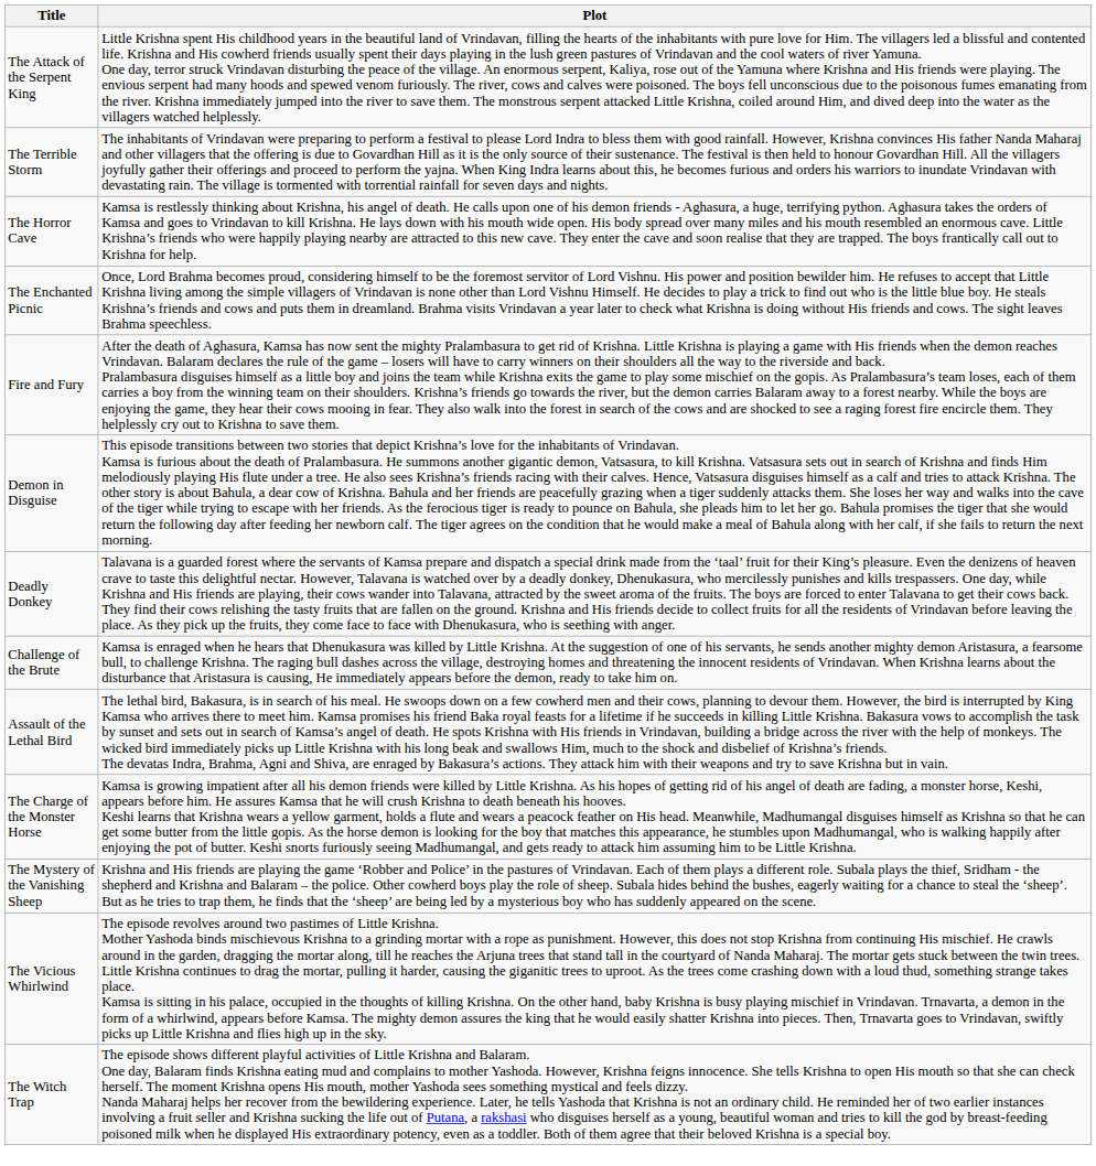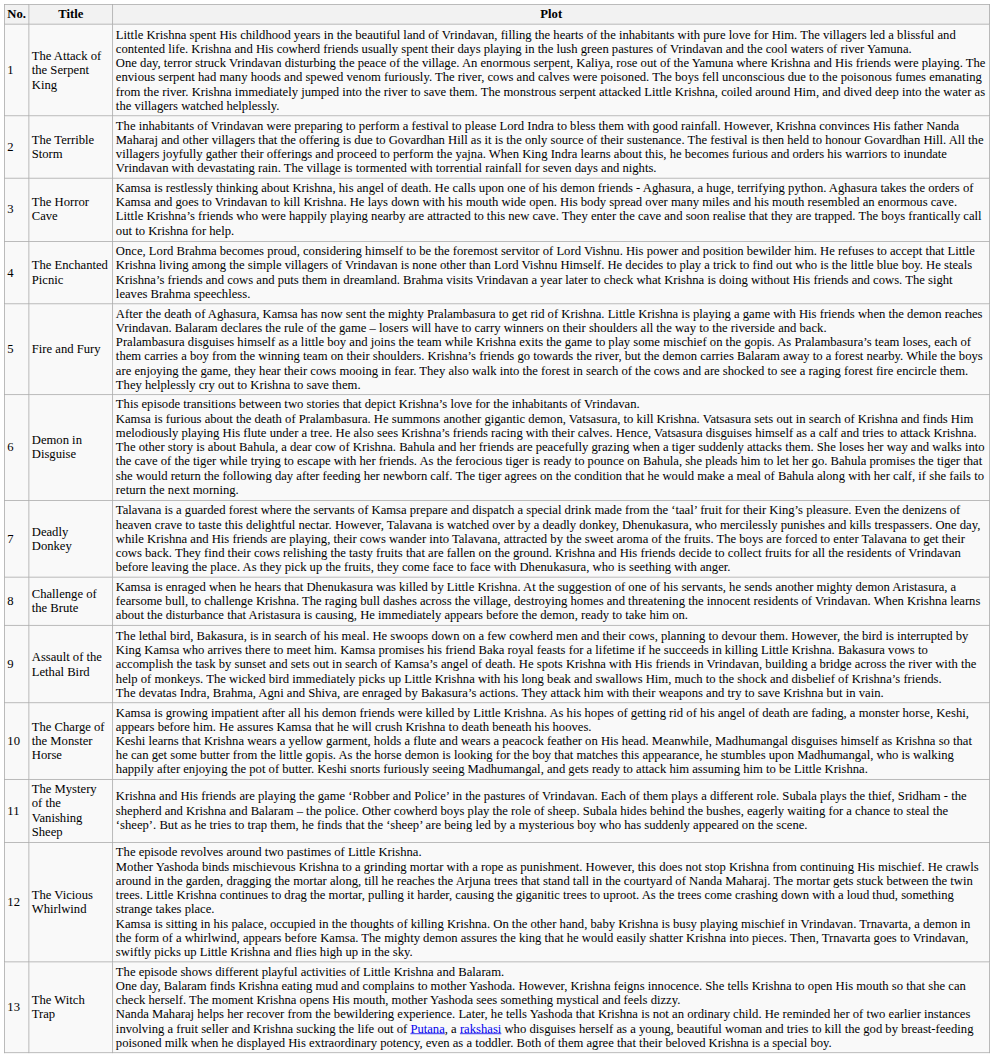 <table class="wikitable">
 <tr>
+<th>No.</th>
 <th>Title</th>
 <th>Plot</th>
 </tr>
 <tr>
+<td>1</td>
 <td>The  Attack  of  the  Serpent  King</td>
 <td>Little Krishna spent His childhood years in the beautiful land of Vrindavan, filling the hearts of the inhabitants with pure love for Him. The villagers led a blissful and contented life. Krishna and His cowherd friends usually spent their days playing in the lush green pastures of Vrindavan and the cool waters of river Yamuna.<br>One day, terror struck Vrindavan disturbing the peace of the village. An enormous serpent, Kaliya, rose out of the Yamuna where Krishna and His friends were playing. The envious serpent had many hoods and spewed venom furiously. The river, cows and calves were poisoned. The boys fell unconscious due to the poisonous fumes emanating from the river. Krishna immediately jumped into the river to save them. The monstrous serpent attacked Little Krishna, coiled around Him, and dived deep into the water as the villagers watched helplessly.</td>
 </tr>
 <tr>
+<td>2</td>
 <td>The  Terrible  Storm</td>
 <td>The inhabitants of Vrindavan were preparing to perform a festival to please Lord Indra to bless them with good rainfall. However, Krishna convinces His father Nanda Maharaj and other villagers that the offering is due to Govardhan Hill as it is the only source of their sustenance. The festival is then held to honour  Govardhan Hill. All the villagers joyfully gather their offerings and proceed to perform the yajna. When King Indra learns about this, he becomes furious and orders his warriors to inundate Vrindavan with devastating rain. The village is tormented with torrential rainfall for seven days and nights.</td>
 </tr>
 <tr>
+<td>3</td>
 <td>The  Horror  Cave</td>
 <td>Kamsa is restlessly thinking about Krishna, his angel of death. He calls upon one of his demon friends - Aghasura, a huge, terrifying python. Aghasura takes the orders of Kamsa and goes to Vrindavan to kill Krishna. He lays down with his mouth wide open. His body spread over many miles and his mouth resembled an enormous cave. Little Krishna’s friends who were happily playing nearby are attracted to this new cave. They enter the cave and soon realise that they are trapped. The boys frantically call out to Krishna for help.</td>
 </tr>
 <tr>
+<td>4</td>
 <td>The Enchanted  Picnic</td>
 <td>Once, Lord Brahma becomes proud, considering himself to be the foremost servitor of Lord Vishnu. His power and position bewilder him. He refuses to accept that Little Krishna living among the simple villagers of Vrindavan is none other than Lord Vishnu Himself. He decides to play a trick to find out who is the little blue boy. He steals Krishna’s friends and cows and puts them in dreamland. Brahma visits Vrindavan a year later to check what Krishna is doing without His friends and cows. The sight leaves Brahma speechless.</td>
 </tr>
 <tr>
+<td>5</td>
 <td>Fire  and  Fury</td>
 <td>After the death of Aghasura, Kamsa has now sent the mighty Pralambasura to get rid of Krishna. Little Krishna is playing a game with His friends when the demon reaches Vrindavan. Balaram declares the rule of the game – losers will have to carry winners on their shoulders all the way to the riverside and back.<br>Pralambasura disguises himself as a little boy and joins the team while Krishna exits the game to play some mischief on the gopis. As Pralambasura’s team loses, each of them carries a boy from the winning team on their shoulders. Krishna’s friends go towards the river, but the demon carries Balaram away to a forest nearby. While the boys are enjoying the game, they hear their cows mooing in fear. They also walk into the forest in search of the cows and are shocked to see a raging forest fire encircle them. They helplessly cry out to Krishna to save them.</td>
 </tr>
 <tr>
+<td>6</td>
 <td>Demon  in  Disguise</td>
 <td>This episode transitions between two stories that depict Krishna’s love for the inhabitants of Vrindavan.<br>Kamsa is furious about the death of Pralambasura. He summons another gigantic demon, Vatsasura, to kill Krishna. Vatsasura sets out in search of Krishna and finds Him melodiously playing His flute under a tree. He also sees Krishna’s friends racing with their calves. Hence, Vatsasura disguises himself as a calf and tries to attack Krishna. The other story is about Bahula, a dear cow of Krishna. Bahula and her friends are peacefully grazing when a tiger suddenly attacks them. She loses her way and walks into the cave of the tiger while trying to escape with her friends. As the ferocious tiger is ready to pounce on Bahula, she pleads him to let her go. Bahula promises the tiger that she would return the following day after feeding her newborn calf. The tiger agrees on the condition that he would make a meal of Bahula along with her calf, if she fails to return the next morning.</td>
 </tr>
 <tr>
+<td>7</td>
 <td>Deadly  Donkey</td>
 <td>Talavana is a guarded forest where the servants of Kamsa prepare and dispatch a special drink made from the ‘taal’ fruit for their King’s pleasure. Even the denizens of heaven crave to taste this delightful nectar. However, Talavana is watched over by a deadly donkey, Dhenukasura, who mercilessly punishes and kills trespassers. One day, while Krishna and His friends are playing, their cows wander into Talavana, attracted by the sweet aroma of the fruits. The boys are forced to enter Talavana to get their cows back. They find their cows relishing the tasty fruits that are fallen on the ground. Krishna and His friends decide to collect fruits for all the residents of Vrindavan before leaving the place. As they pick up the fruits, they come face to face with Dhenukasura, who is seething with anger.</td>
 </tr>
 <tr>
+<td>8</td>
 <td>Challenge  of  the  Brute</td>
 <td>Kamsa is enraged when he hears that Dhenukasura was killed by Little Krishna. At the suggestion of one of his servants, he sends another mighty demon  Aristasura, a fearsome bull, to challenge Krishna. The raging bull dashes across the village, destroying homes and threatening the innocent residents of Vrindavan. When Krishna learns about the disturbance that Aristasura is causing, He immediately appears before the demon, ready to take him on.</td>
 </tr>
 <tr>
+<td>9</td>
 <td>Assault  of  the  Lethal  Bird</td>
 <td>The lethal bird, Bakasura, is in search of his meal. He swoops down on a few cowherd men and their cows, planning to devour them. However, the bird is interrupted by King Kamsa who arrives there to meet him. Kamsa promises his friend Baka royal feasts for a lifetime if he succeeds in killing Little Krishna. Bakasura vows to accomplish the task by sunset and sets out in search of Kamsa’s angel of death. He spots Krishna with His friends in Vrindavan, building a bridge across the river with the help of monkeys. The wicked bird immediately picks up Little Krishna with his long beak and swallows Him, much to the shock and disbelief of Krishna’s friends.<br>The devatas Indra, Brahma, Agni and Shiva, are enraged by Bakasura’s actions. They attack him with their weapons and try to save Krishna but in vain.</td>
 </tr>
 <tr>
+<td>10</td>
 <td>The  Charge  of  the  Monster  Horse</td>
 <td>Kamsa is growing impatient after all his demon friends were killed by Little Krishna. As his hopes of getting rid of his angel of death are fading, a monster horse, Keshi, appears before him. He assures Kamsa that he will crush Krishna to death beneath his hooves.<br>Keshi learns that Krishna wears a yellow garment, holds a flute and wears a peacock feather on His head. Meanwhile, Madhumangal disguises himself as Krishna so that he can get some butter from the little gopis. As the horse demon is looking for the boy that matches this appearance, he stumbles upon Madhumangal, who is walking happily after enjoying the pot of butter. Keshi snorts furiously seeing Madhumangal, and gets ready to attack him assuming him to be Little Krishna.</td>
 </tr>
 <tr>
+<td>11</td>
 <td>The  Mystery  of  the  Vanishing  Sheep</td>
 <td>Krishna and His friends are playing the game ‘Robber and Police’ in the pastures of Vrindavan. Each of them plays a different role. Subala plays the thief, Sridham - the shepherd and Krishna and Balaram – the police. Other cowherd boys play the role of sheep. Subala hides behind the bushes, eagerly waiting for a chance to steal the ‘sheep’. But as he tries to trap them, he finds that the ‘sheep’ are being led by a mysterious boy who has suddenly appeared on the scene.</td>
 </tr>
 <tr>
+<td>12</td>
 <td>The  Vicious  Whirlwind</td>
 <td>The episode revolves around two pastimes of Little Krishna.<br>Mother Yashoda binds mischievous Krishna to a grinding mortar with a rope as punishment. However, this does not stop Krishna from continuing His mischief. He crawls around in the garden, dragging the mortar along, till he reaches the Arjuna trees that stand tall in the courtyard of Nanda Maharaj. The mortar gets stuck between the twin trees. Little Krishna continues to drag the mortar, pulling it harder, causing the giganitic trees to uproot. As the trees come crashing down with a loud thud, something strange takes place.<br>Kamsa is sitting in his palace, occupied in the thoughts of killing Krishna. On the other hand, baby Krishna is busy playing mischief in Vrindavan. Trnavarta, a demon in the form of a whirlwind, appears before Kamsa. The mighty demon assures the king that he would easily shatter Krishna into pieces. Then, Trnavarta goes to Vrindavan, swiftly picks up Little Krishna and flies high up in the sky.</td>
 </tr>
 <tr>
+<td>13</td>
 <td>The  Witch  Trap</td>
 <td>The episode shows different playful activities of Little Krishna and Balaram.<br>One day, Balaram finds Krishna eating mud and complains to mother Yashoda. However, Krishna feigns innocence. She tells Krishna to open His mouth so that she can check herself. The moment Krishna opens His mouth, mother Yashoda sees something mystical and feels dizzy.<br>Nanda Maharaj helps her recover from the bewildering experience. Later, he tells Yashoda that Krishna is not an ordinary child. He reminded her of two earlier instances involving a fruit seller and Krishna sucking the life out of <a href='#'>Putana</a>, a <a href='#'>rakshasi</a> who disguises herself as a young, beautiful woman and tries to kill the god by breast-feeding poisoned milk when he displayed His extraordinary potency, even as a toddler. Both of them agree that their beloved Krishna is a special boy.</td>
 </tr>
 </table>
